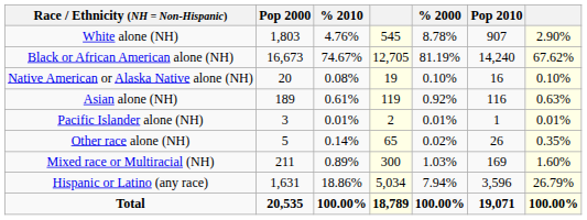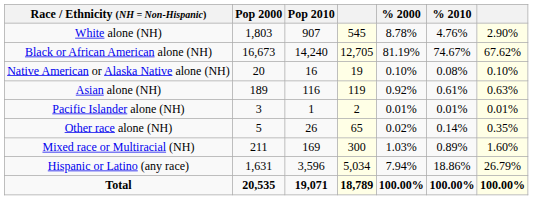 <table class="wikitable" style="text-align:center;">
 <tr>
 <th>Race / Ethnicity <small>(<em>NH = Non-Hispanic</em>)</small></th>
 <th>Pop 2000</th>
-<th>% 2010</th>
+<th>Pop 2010</th>
 <th></th>
 <th>% 2000</th>
-<th>Pop 2010</th>
+<th>% 2010</th>
 <th></th>
 </tr>
 <tr>
 <td><a href='#'>White</a> alone (NH)</td>
 <td>1,803</td>
-<td>4.76%</td>
+<td>907</td>
 <td style='background: #ffffe6;'>545</td>
 <td>8.78%</td>
-<td>907</td>
+<td>4.76%</td>
 <td style='background: #ffffe6;'>2.90%</td>
 </tr>
 <tr>
 <td><a href='#'>Black or African American</a> alone (NH)</td>
 <td>16,673</td>
-<td>74.67%</td>
+<td>14,240</td>
 <td style='background: #ffffe6;'>12,705</td>
 <td>81.19%</td>
-<td>14,240</td>
+<td>74.67%</td>
 <td style='background: #ffffe6;'>67.62%</td>
 </tr>
 <tr>
 <td><a href='#'>Native American</a> or <a href='#'>Alaska Native</a> alone (NH)</td>
 <td>20</td>
-<td>0.08%</td>
+<td>16</td>
 <td style='background: #ffffe6;'>19</td>
 <td>0.10%</td>
-<td>16</td>
+<td>0.08%</td>
 <td style='background: #ffffe6;'>0.10%</td>
 </tr>
 <tr>
 <td><a href='#'>Asian</a> alone (NH)</td>
 <td>189</td>
-<td>0.61%</td>
+<td>116</td>
 <td style='background: #ffffe6;'>119</td>
 <td>0.92%</td>
-<td>116</td>
+<td>0.61%</td>
 <td style='background: #ffffe6;'>0.63%</td>
 </tr>
 <tr>
 <td><a href='#'>Pacific Islander</a> alone (NH)</td>
 <td>3</td>
-<td>0.01%</td>
+<td>1</td>
 <td style='background: #ffffe6;'>2</td>
 <td>0.01%</td>
-<td>1</td>
+<td>0.01%</td>
 <td style='background: #ffffe6;'>0.01%</td>
 </tr>
 <tr>
 <td><a href='#'>Other race</a> alone (NH)</td>
 <td>5</td>
-<td>0.14%</td>
+<td>26</td>
 <td style='background: #ffffe6;'>65</td>
 <td>0.02%</td>
-<td>26</td>
+<td>0.14%</td>
 <td style='background: #ffffe6;'>0.35%</td>
 </tr>
 <tr>
 <td><a href='#'>Mixed race or Multiracial</a> (NH)</td>
 <td>211</td>
-<td>0.89%</td>
+<td>169</td>
 <td style='background: #ffffe6;'>300</td>
 <td>1.03%</td>
-<td>169</td>
+<td>0.89%</td>
 <td style='background: #ffffe6;'>1.60%</td>
 </tr>
 <tr>
 <td><a href='#'>Hispanic or Latino</a> (any race)</td>
 <td>1,631</td>
-<td>18.86%</td>
+<td>3,596</td>
 <td style='background: #ffffe6;'>5,034</td>
 <td>7.94%</td>
-<td>3,596</td>
+<td>18.86%</td>
 <td style='background: #ffffe6;'>26.79%</td>
 </tr>
 <tr>
 <td><strong>Total</strong></td>
 <td><strong>20,535</strong></td>
-<td><strong>100.00%</strong></td>
+<td><strong>19,071</strong></td>
 <td style='background: #ffffe6;'><strong>18,789</strong></td>
 <td><strong>100.00%</strong></td>
-<td><strong>19,071</strong></td>
+<td><strong>100.00%</strong></td>
 <td style='background: #ffffe6;'><strong>100.00%</strong></td>
 </tr>
 </table>
